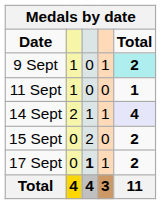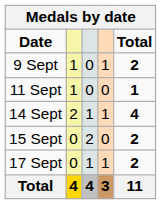 <table class="wikitable" style="font-size:85%; float:right">
 <tr bgcolor="#efefef">
 <th colspan=6><strong>Medals by date</strong></th>
 </tr>
 <tr align=center>
 <td><strong>Date</strong></td>
 <td bgcolor=#f7f6a8></td>
 <td bgcolor=#dce5e5></td>
 <td bgcolor=#ffdab9></td>
 <td><strong>Total</strong></td>
 </tr>
 <tr align=center>
 <td>9 Sept</td>
 <td style="background:#F7F6A8;">1</td>
 <td style="background:#DCE5E5;">0</td>
 <td style="background:#FFDAB9;">1</td>
-<td style="background: paleturquoise;"><strong>2</strong></td>
+<td><strong>2</strong></td>
 </tr>
 <tr align=center>
 <td>11 Sept</td>
 <td style="background:#F7F6A8;">1</td>
 <td style="background:#DCE5E5;">0</td>
 <td style="background:#FFDAB9;">0</td>
 <td><strong>1</strong></td>
 </tr>
 <tr align=center>
 <td>14 Sept</td>
 <td style="background:#F7F6A8;">2</td>
 <td style="background:#DCE5E5;">1</td>
 <td style="background:#FFDAB9;">1</td>
-<td style="background: lavender;"><strong>4</strong></td>
+<td><strong>4</strong></td>
 </tr>
 <tr align=center>
 <td>15 Sept</td>
 <td style="background:#F7F6A8;">0</td>
 <td style="background:#DCE5E5;">2</td>
 <td style="background:#FFDAB9;">0</td>
 <td><strong>2</strong></td>
 </tr>
 <tr align=center>
 <td>17 Sept</td>
 <td style="background:#F7F6A8;">0</td>
-<td style="background:#DCE5E5;"><strong>1</strong></td>
+<td style="background:#DCE5E5;">1</td>
 <td style="background:#FFDAB9;">1</td>
 <td><strong>2</strong></td>
 </tr>
 <tr align=center>
 <th><strong>Total</strong></th>
 <th style="background:gold;"><strong>4</strong></th>
 <th style="background:silver;"><strong>4</strong></th>
 <th style="background:#c96;"><strong>3</strong></th>
 <th><strong>11</strong></th>
 </tr>
 </table>
